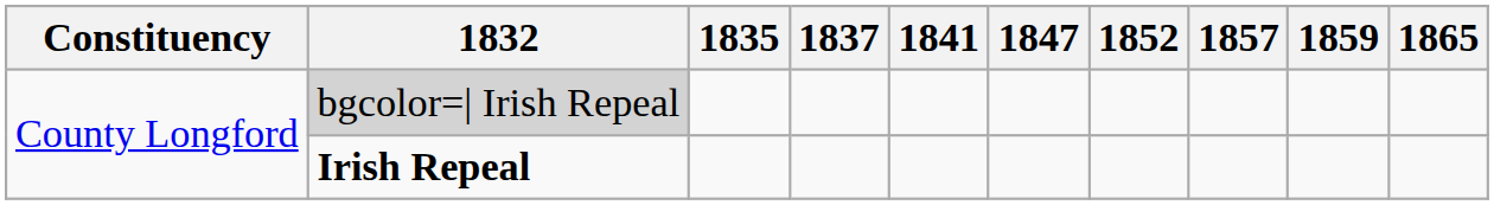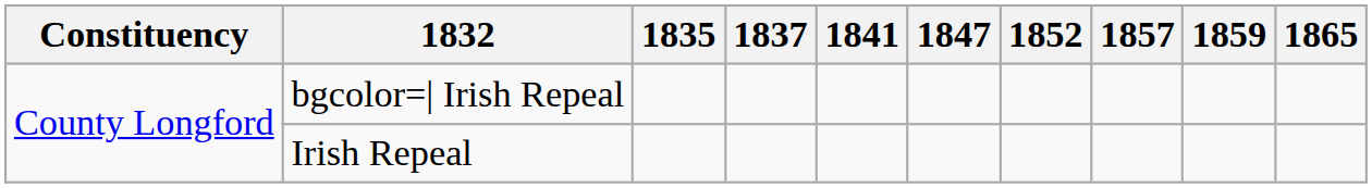 <table class=wikitable sortable>
 <tr>
 <th>Constituency</th>
 <th>1832</th>
 <th>1835</th>
 <th>1837</th>
 <th>1841</th>
 <th>1847</th>
 <th>1852</th>
 <th>1857</th>
 <th>1859</th>
 <th>1865</th>
 </tr>
 <tr>
 <td rowspan=2><a href='#'>County Longford</a></td>
-<td align=center style="background: lightgrey;">bgcolor=| Irish Repeal</td>
+<td align=center>bgcolor=| Irish Repeal</td>
 <td></td>
 <td></td>
 <td></td>
 <td></td>
 <td></td>
 <td></td>
 <td></td>
 <td></td>
 </tr>
 <tr>
-<td bgcolor=><strong>Irish Repeal</strong></td>
+<td bgcolor=>Irish Repeal</td>
 <td></td>
 <td></td>
 <td></td>
 <td></td>
 <td></td>
 <td></td>
 <td></td>
 <td></td>
 </tr>
 </table>
